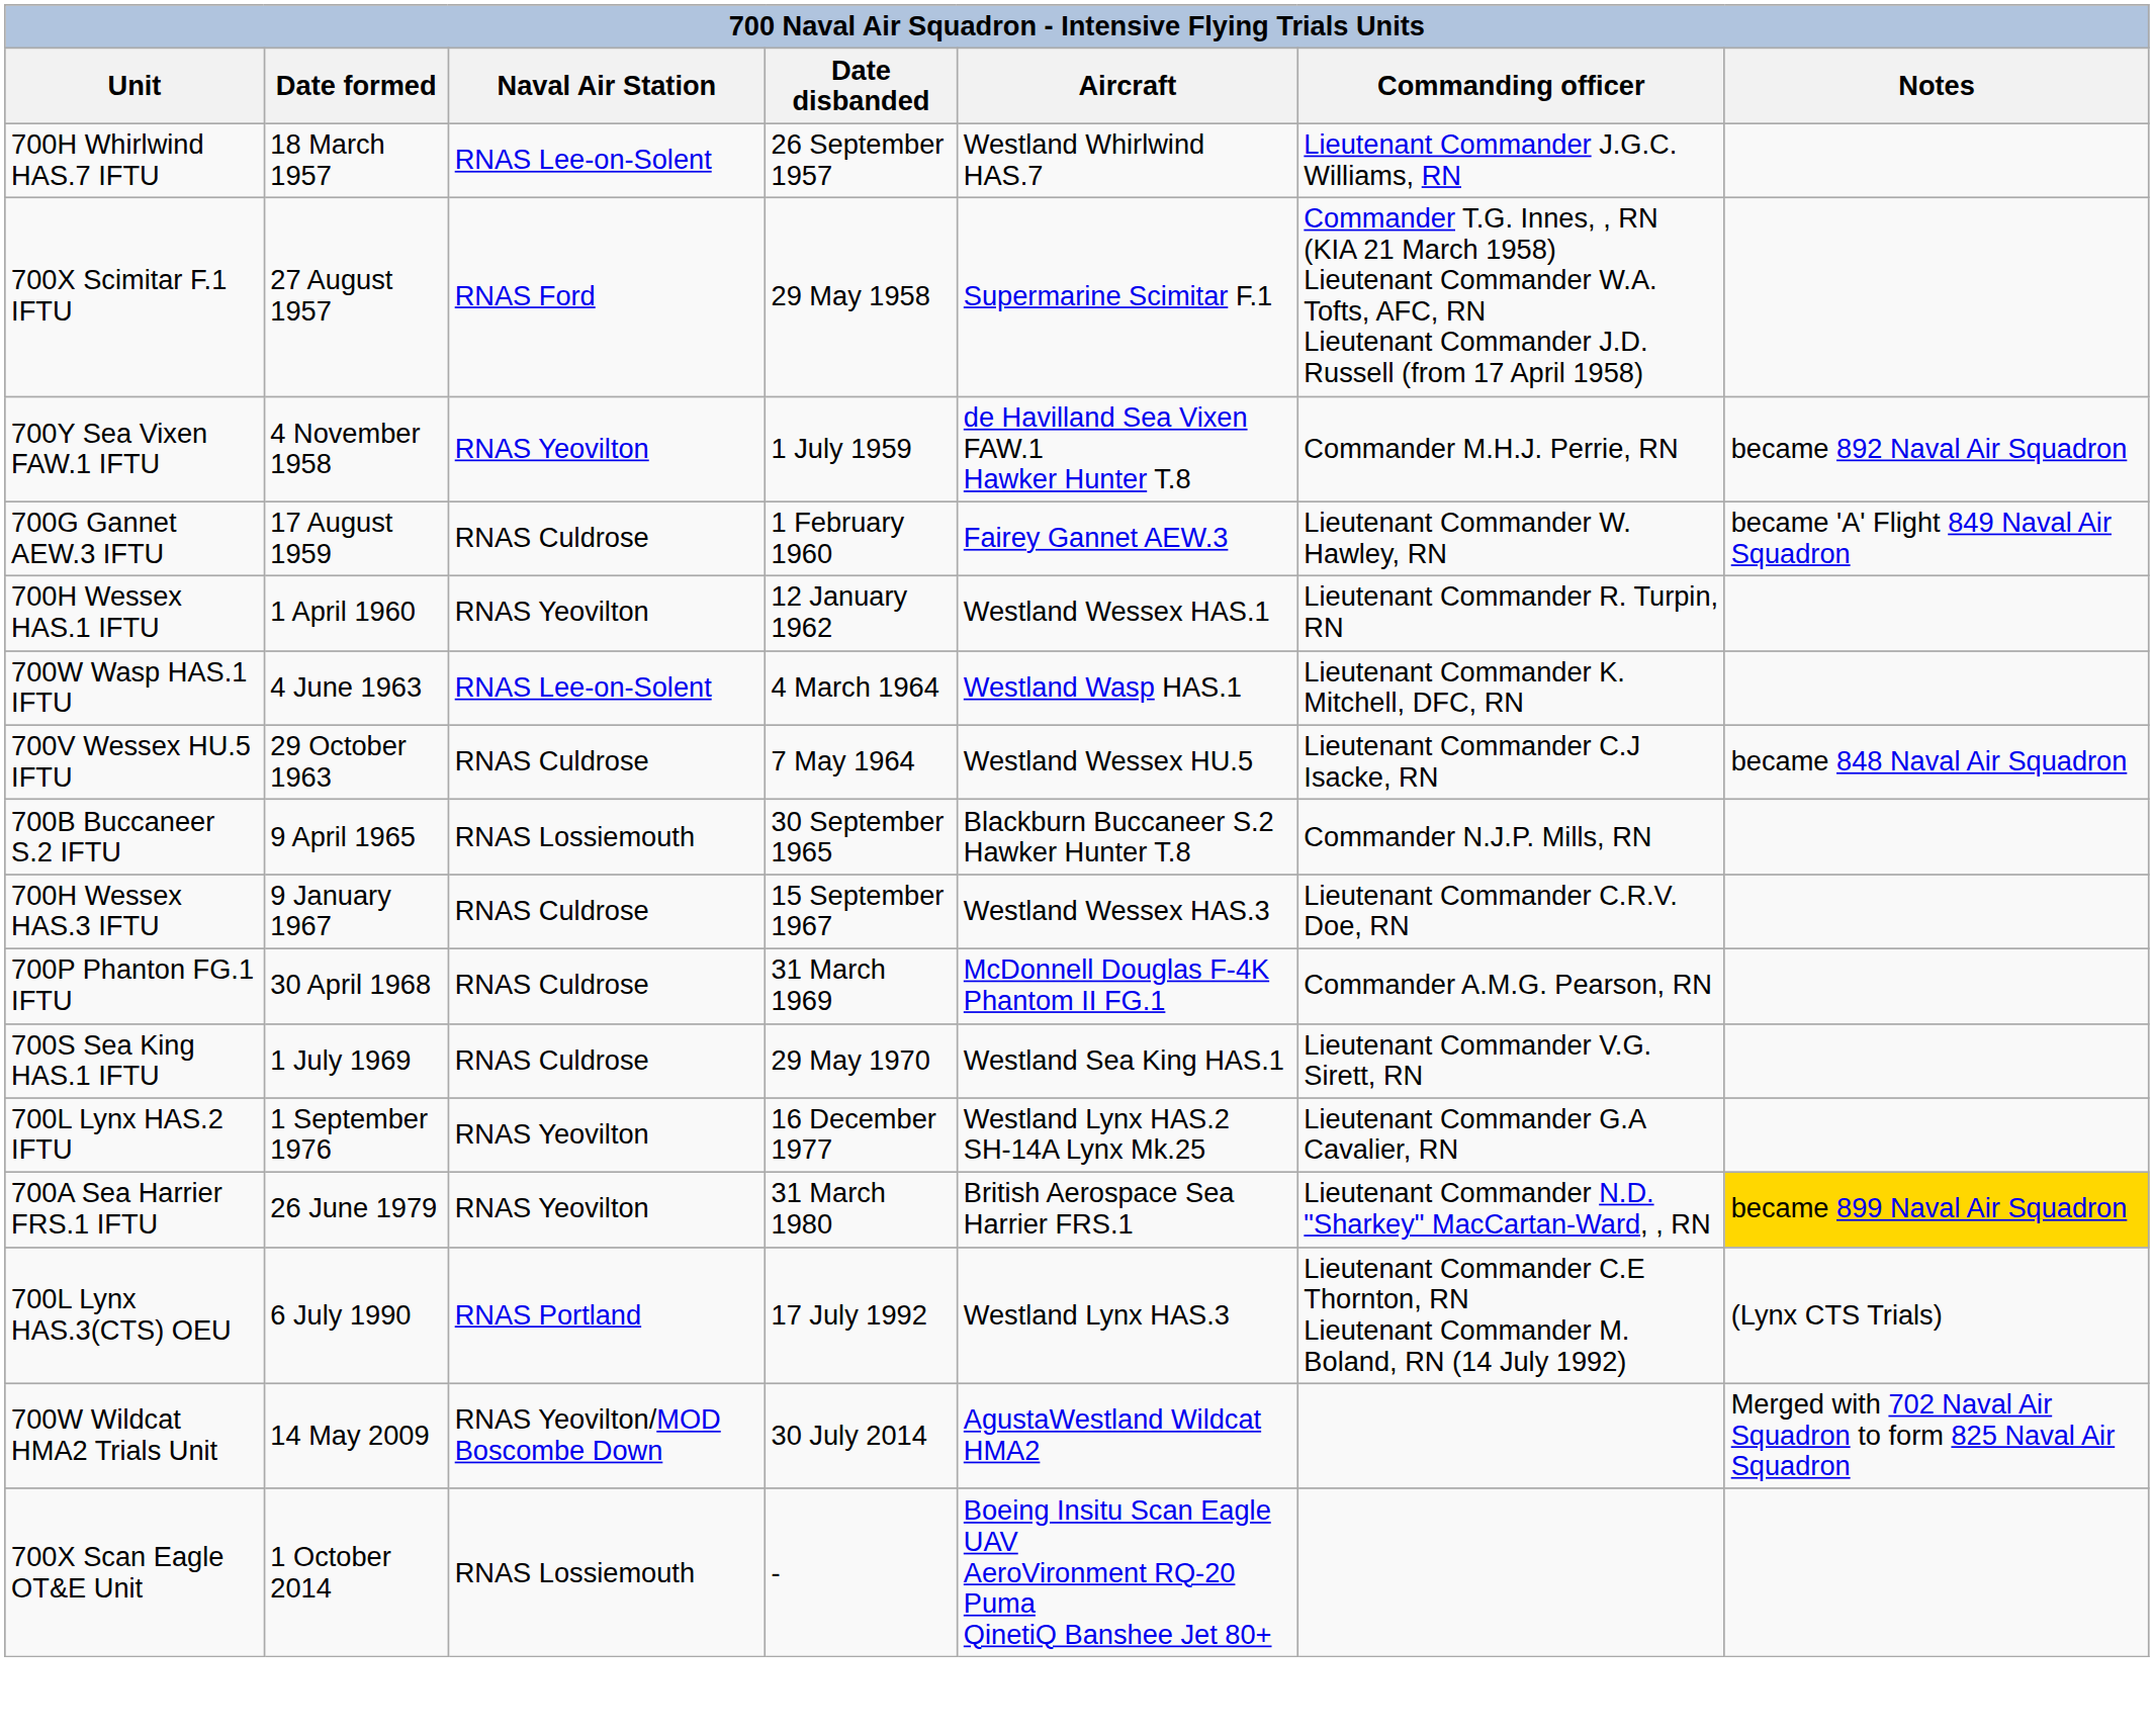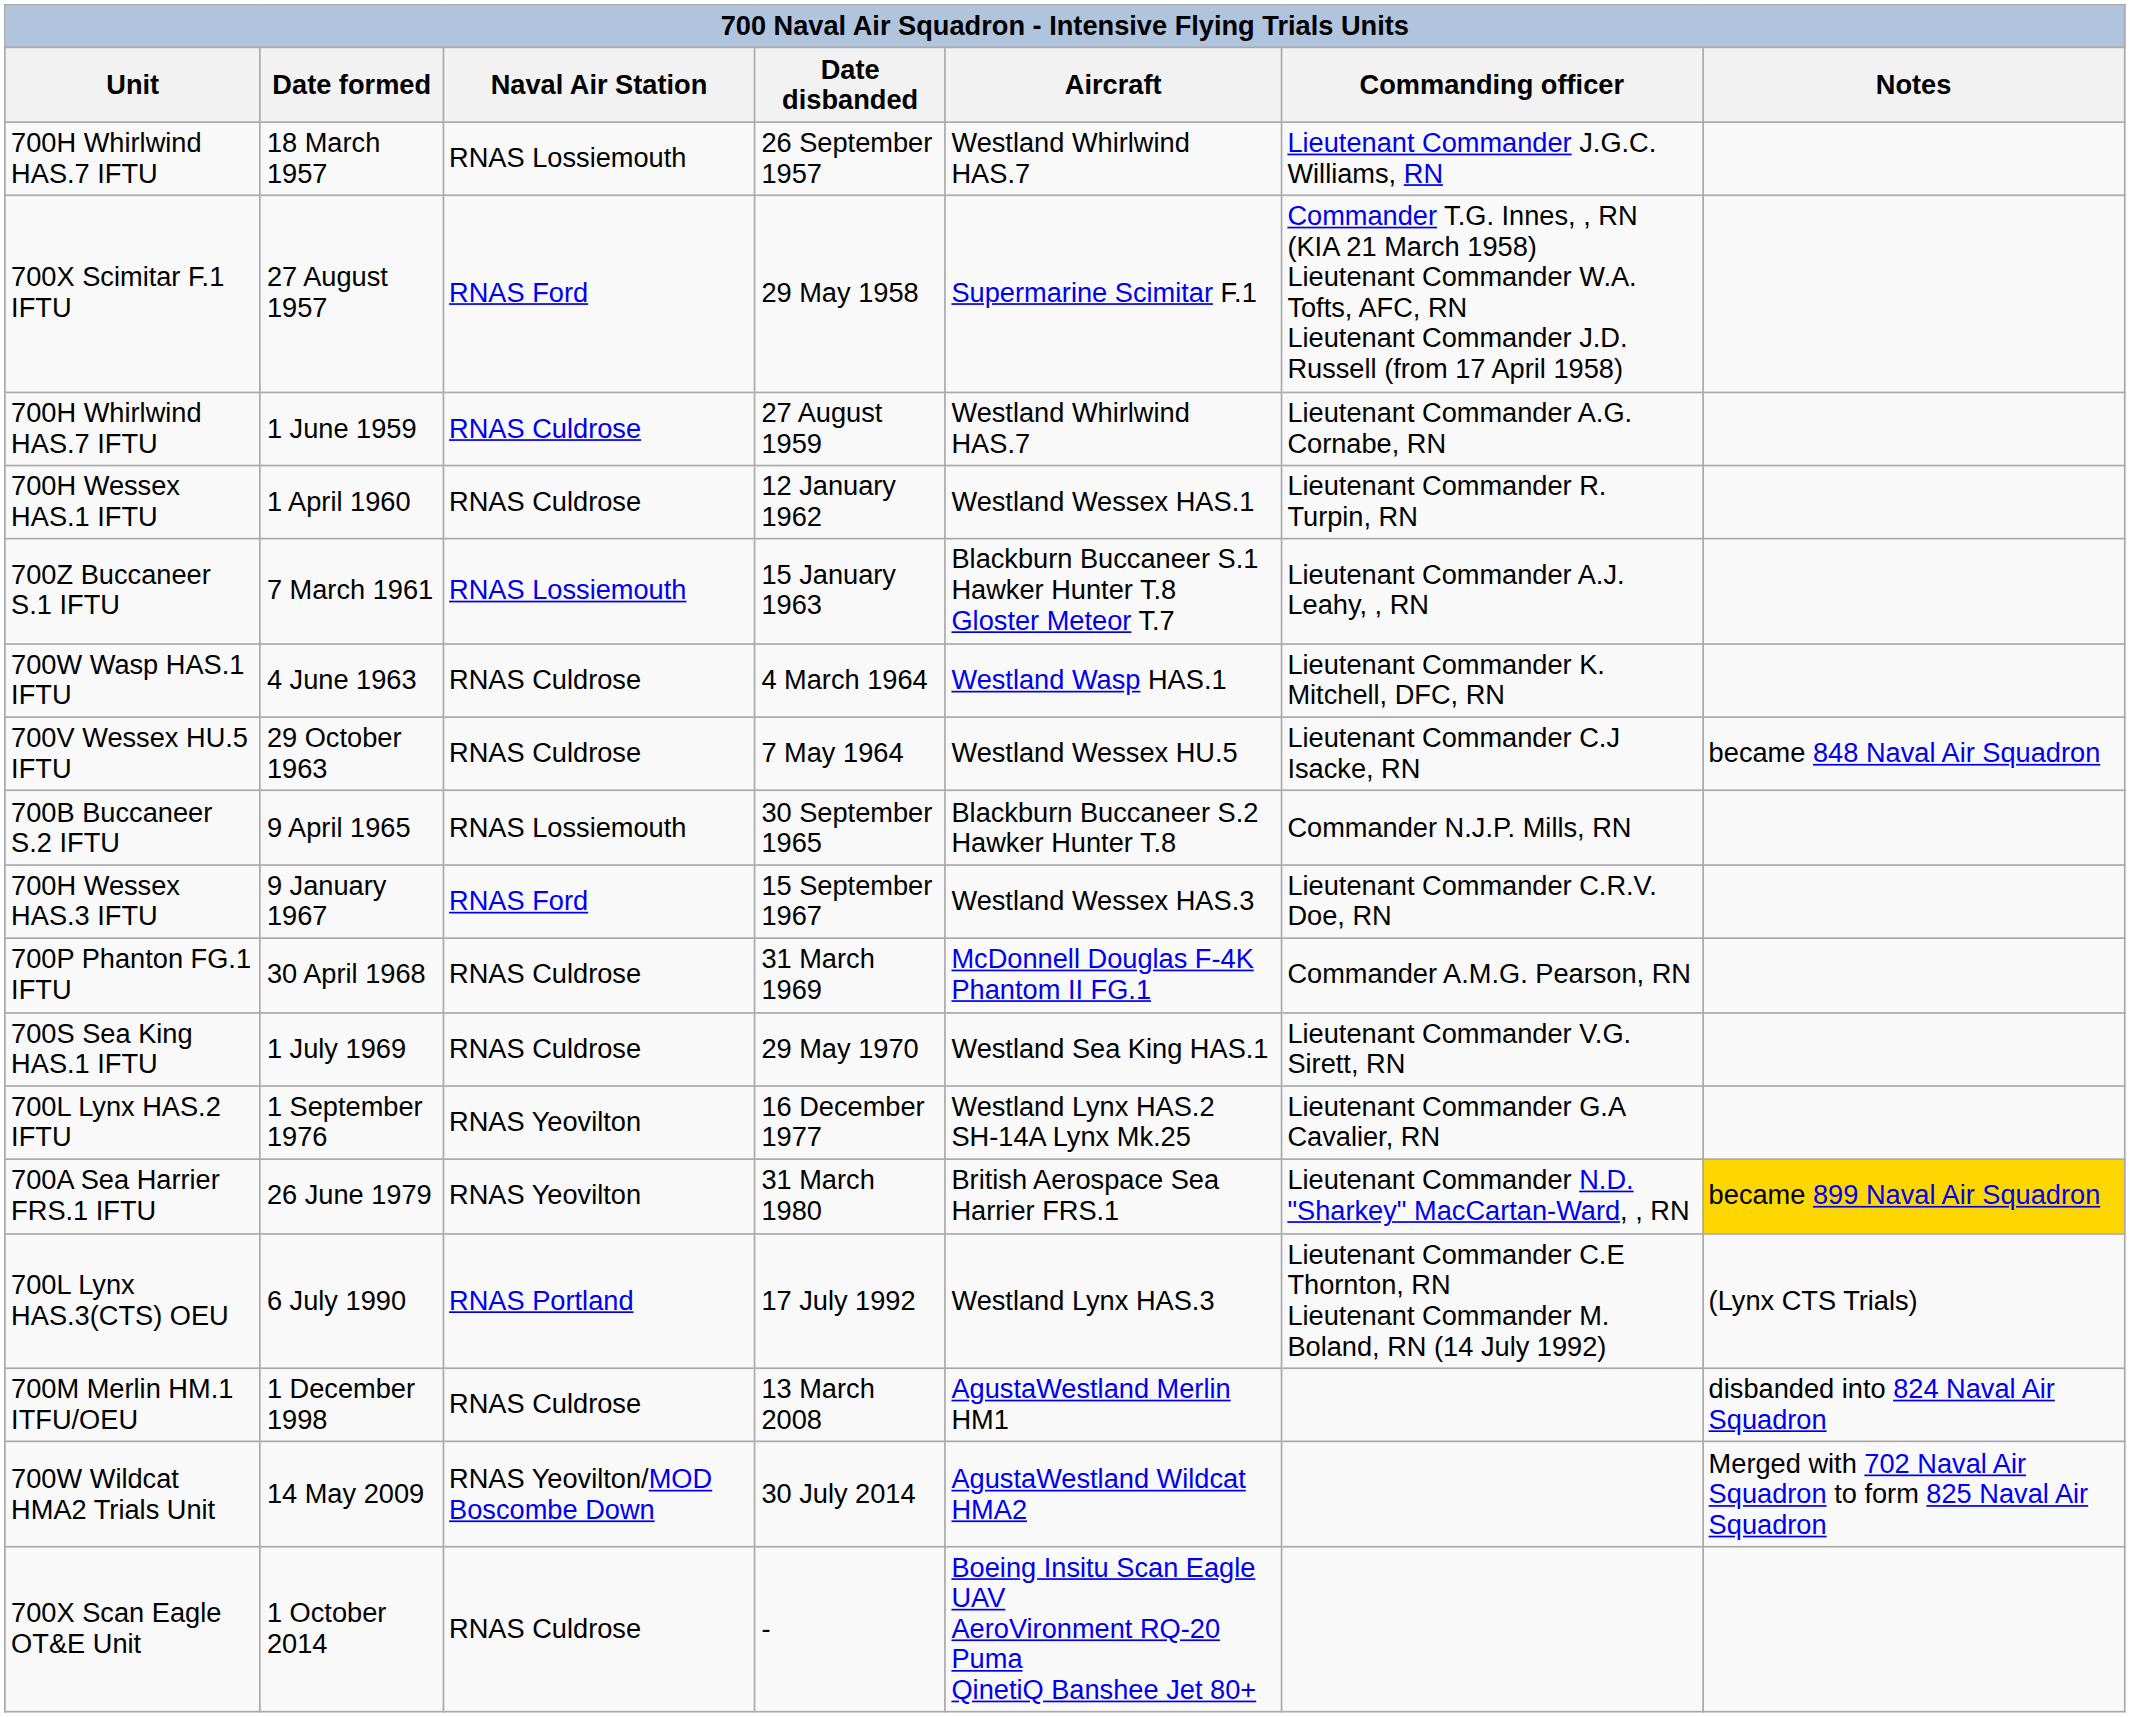 <table class="wikitable sortable">
 <tr>
 <th style="align: center; background:#B0C4DE;" colspan="7">700 Naval Air Squadron - Intensive Flying Trials Units</th>
 </tr>
 <tr align=center valign=middle>
 <th>Unit</th>
 <th>Date formed</th>
 <th>Naval Air Station</th>
 <th>Date disbanded</th>
 <th>Aircraft</th>
 <th>Commanding officer</th>
 <th>Notes</th>
 </tr>
 <tr>
 <td>700H Whirlwind HAS.7 IFTU</td>
 <td>18 March 1957</td>
-<td><a href='#'>RNAS Lee-on-Solent</a></td>
+<td>RNAS Lossiemouth</td>
 <td>26 September 1957</td>
 <td>Westland Whirlwind HAS.7</td>
 <td><a href='#'>Lieutenant Commander</a> J.G.C. Williams, <a href='#'>RN</a></td>
 <td></td>
 </tr>
 <tr>
 <td>700X Scimitar F.1 IFTU</td>
 <td>27 August 1957</td>
 <td><a href='#'>RNAS Ford</a></td>
 <td>29 May 1958</td>
 <td><a href='#'>Supermarine Scimitar</a> F.1</td>
 <td><a href='#'>Commander</a> T.G. Innes, , RN (KIA 21 March 1958)<br>Lieutenant Commander W.A. Tofts, AFC, RN<br>Lieutenant Commander J.D. Russell (from 17 April 1958)</td>
 <td></td>
 </tr>
 <tr>
-<td>700Y Sea Vixen FAW.1 IFTU</td>
-<td>4 November 1958</td>
-<td><a href='#'>RNAS Yeovilton</a></td>
-<td>1 July 1959</td>
-<td><a href='#'>de Havilland Sea Vixen</a> FAW.1<br><a href='#'>Hawker Hunter</a> T.8</td>
-<td>Commander M.H.J. Perrie, RN</td>
-<td>became <a href='#'>892 Naval Air Squadron</a></td>
-</tr>
-<tr>
-<td>700G Gannet AEW.3 IFTU</td>
-<td>17 August 1959</td>
-<td>RNAS Culdrose</td>
-<td>1 February 1960</td>
-<td><a href='#'>Fairey Gannet AEW.3</a></td>
-<td>Lieutenant Commander W. Hawley, RN</td>
-<td>became 'A' Flight <a href='#'>849 Naval Air Squadron</a></td>
+<td>700H Whirlwind HAS.7 IFTU</td>
+<td>1 June 1959</td>
+<td><a href='#'>RNAS Culdrose</a></td>
+<td>27 August 1959</td>
+<td>Westland Whirlwind HAS.7</td>
+<td>Lieutenant Commander A.G. Cornabe, RN</td>
+<td></td>
 </tr>
 <tr>
 <td>700H Wessex HAS.1 IFTU</td>
 <td>1 April 1960</td>
-<td>RNAS Yeovilton</td>
+<td>RNAS Culdrose</td>
 <td>12 January 1962</td>
 <td>Westland Wessex HAS.1</td>
 <td>Lieutenant Commander R. Turpin, RN</td>
 <td></td>
 </tr>
 <tr>
+<td>700Z Buccaneer S.1 IFTU</td>
+<td>7 March 1961</td>
+<td><a href='#'>RNAS Lossiemouth</a></td>
+<td>15 January 1963</td>
+<td>Blackburn Buccaneer S.1<br>Hawker Hunter T.8<br><a href='#'>Gloster Meteor</a> T.7</td>
+<td>Lieutenant Commander A.J. Leahy, , RN</td>
+<td></td>
+</tr>
+<tr>
 <td>700W Wasp HAS.1 IFTU</td>
 <td>4 June 1963</td>
-<td><a href='#'>RNAS Lee-on-Solent</a></td>
+<td>RNAS Culdrose</td>
 <td>4 March 1964</td>
 <td><a href='#'>Westland Wasp</a> HAS.1</td>
 <td>Lieutenant Commander K. Mitchell, DFC, RN</td>
 <td></td>
 </tr>
 <tr>
 <td>700V Wessex HU.5 IFTU</td>
 <td>29 October 1963</td>
 <td>RNAS Culdrose</td>
 <td>7 May 1964</td>
 <td>Westland Wessex HU.5</td>
 <td>Lieutenant Commander C.J Isacke, RN</td>
 <td>became <a href='#'>848 Naval Air Squadron</a></td>
 </tr>
 <tr>
 <td>700B Buccaneer S.2 IFTU</td>
 <td>9 April 1965</td>
 <td>RNAS Lossiemouth</td>
 <td>30 September 1965</td>
 <td>Blackburn Buccaneer S.2<br>Hawker Hunter T.8</td>
 <td>Commander N.J.P. Mills, RN</td>
 <td></td>
 </tr>
 <tr>
 <td>700H Wessex HAS.3 IFTU</td>
 <td>9 January 1967</td>
-<td>RNAS Culdrose</td>
+<td><a href='#'>RNAS Ford</a></td>
 <td>15 September 1967</td>
 <td>Westland Wessex HAS.3</td>
 <td>Lieutenant Commander C.R.V. Doe, RN</td>
 <td></td>
 </tr>
 <tr>
 <td>700P Phanton FG.1 IFTU</td>
 <td>30 April 1968</td>
 <td>RNAS Culdrose</td>
 <td>31 March 1969</td>
 <td><a href='#'>McDonnell Douglas F-4K Phantom II FG.1</a></td>
 <td>Commander A.M.G. Pearson, RN</td>
 <td></td>
 </tr>
 <tr>
 <td>700S Sea King HAS.1 IFTU</td>
 <td>1 July 1969</td>
 <td>RNAS Culdrose</td>
 <td>29 May 1970</td>
 <td>Westland Sea King HAS.1</td>
 <td>Lieutenant Commander V.G. Sirett, RN</td>
 <td></td>
 </tr>
 <tr>
 <td>700L Lynx HAS.2 IFTU</td>
 <td>1 September 1976</td>
 <td>RNAS Yeovilton</td>
 <td>16 December 1977</td>
 <td>Westland Lynx HAS.2<br>SH-14A Lynx Mk.25</td>
 <td>Lieutenant Commander G.A Cavalier, RN</td>
 <td></td>
 </tr>
 <tr>
 <td>700A Sea Harrier FRS.1 IFTU</td>
 <td>26 June 1979</td>
 <td>RNAS Yeovilton</td>
 <td>31 March 1980</td>
 <td>British Aerospace Sea Harrier FRS.1</td>
 <td>Lieutenant Commander <a href='#'>N.D. "Sharkey" MacCartan-Ward</a>, , RN</td>
 <td style="background: gold;">became <a href='#'>899 Naval Air Squadron</a></td>
 </tr>
 <tr>
 <td>700L Lynx HAS.3(CTS) OEU</td>
 <td>6 July 1990</td>
 <td><a href='#'>RNAS Portland</a></td>
 <td>17 July 1992</td>
 <td>Westland Lynx HAS.3</td>
 <td>Lieutenant Commander C.E Thornton, RN<br>Lieutenant Commander M. Boland, RN (14 July 1992)</td>
 <td>(Lynx CTS Trials)</td>
 </tr>
 <tr>
+<td>700M Merlin HM.1 ITFU/OEU</td>
+<td>1 December 1998</td>
+<td>RNAS Culdrose</td>
+<td>13 March 2008</td>
+<td><a href='#'>AgustaWestland Merlin</a> HM1</td>
+<td></td>
+<td>disbanded into <a href='#'>824 Naval Air Squadron</a></td>
+</tr>
+<tr>
 <td>700W Wildcat HMA2 Trials Unit</td>
 <td>14 May 2009</td>
 <td>RNAS Yeovilton/<a href='#'>MOD Boscombe Down</a></td>
 <td>30 July 2014</td>
 <td><a href='#'>AgustaWestland Wildcat HMA2</a></td>
 <td></td>
 <td>Merged with <a href='#'>702 Naval Air Squadron</a> to form <a href='#'>825 Naval Air Squadron</a></td>
 </tr>
 <tr>
 <td>700X Scan Eagle OT&E Unit</td>
 <td>1 October 2014</td>
-<td>RNAS Lossiemouth</td>
+<td>RNAS Culdrose</td>
 <td>-</td>
 <td><a href='#'>Boeing Insitu Scan Eagle UAV</a><br><a href='#'>AeroVironment RQ-20 Puma</a><br><a href='#'>QinetiQ Banshee Jet 80+</a></td>
 <td></td>
 <td></td>
 </tr>
 </table>
